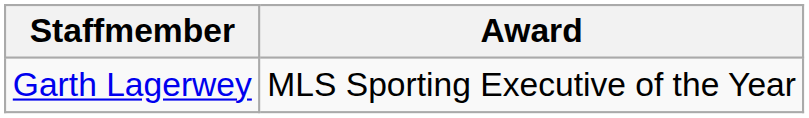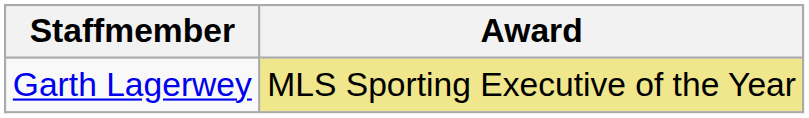 <table class=wikitable>
 <tr>
 <th>Staffmember</th>
 <th>Award</th>
 </tr>
 <tr>
 <td> <a href='#'>Garth Lagerwey</a></td>
-<td>MLS Sporting Executive of the Year</td>
+<td style="background: khaki;">MLS Sporting Executive of the Year</td>
 </tr>
 </table>
